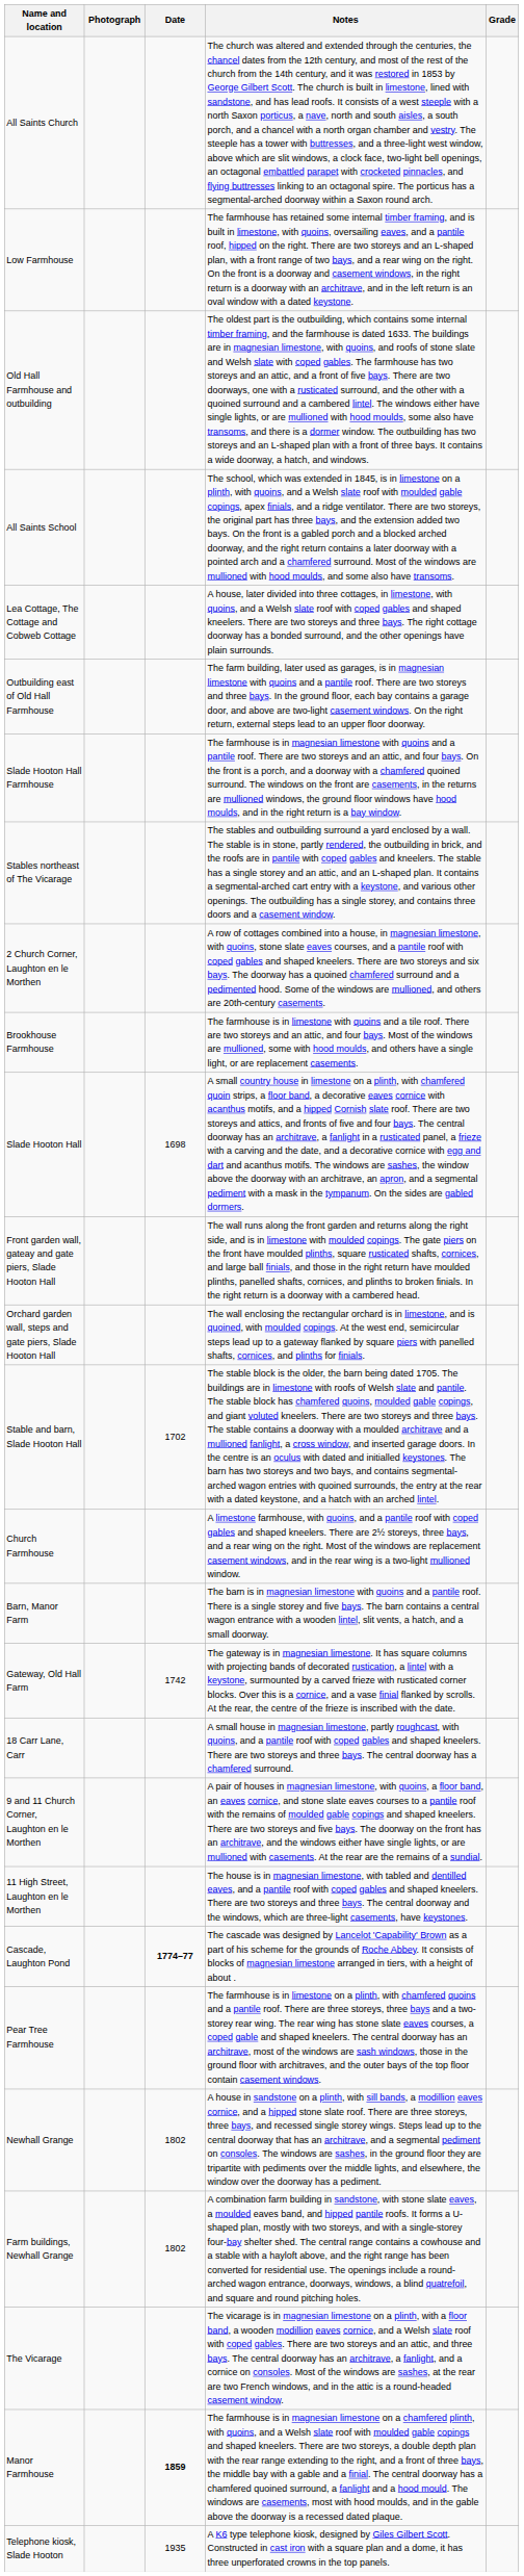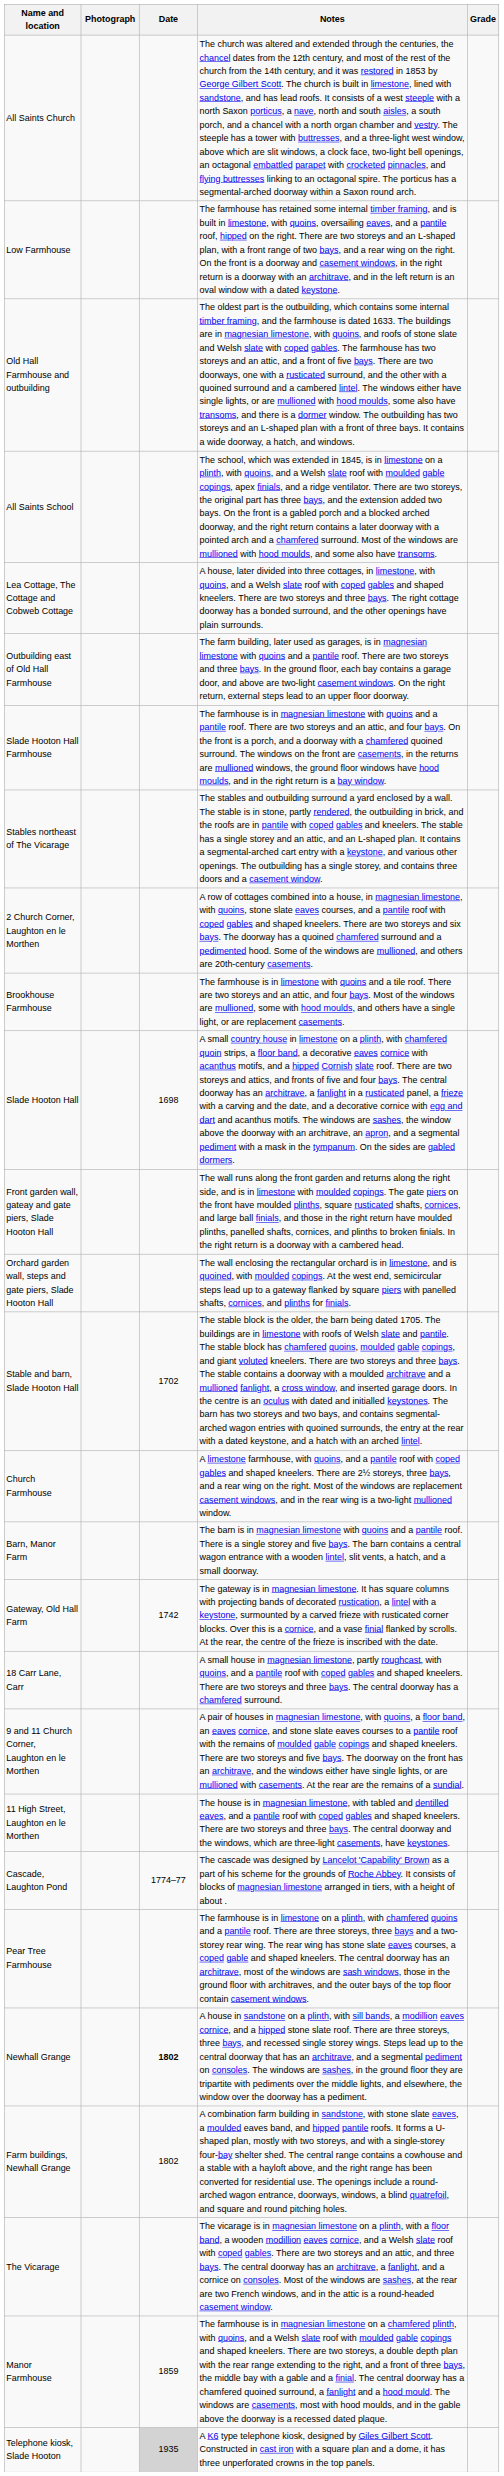 <table class="wikitable sortable plainrowheaders" style="width:100%; border:0; text-align:left; line-height:150%;">
 <tr>
 <th scope="col"  style="width:150px">Name and location</th>
 <th scope="col"  style="width:100px" class="unsortable">Photograph</th>
 <th scope="col"  style="width:120px">Date</th>
 <th scope="col"  style="width:650px" class="unsortable">Notes</th>
 <th scope="col"  style="width:50px">Grade</th>
 </tr>
 <tr>
 <td>All Saints Church<br><small></small></td>
 <td></td>
 <td align="center"></td>
 <td>The church was altered and extended through the centuries, the <a href='#'>chancel</a> dates from the 12th century, and most of the rest of the church from the 14th century, and it was <a href='#'>restored</a> in 1853 by <a href='#'>George Gilbert Scott</a>.  The church is built in <a href='#'>limestone</a>, lined with <a href='#'>sandstone</a>, and has lead roofs.  It consists of a west <a href='#'>steeple</a> with a north Saxon <a href='#'>porticus</a>, a <a href='#'>nave</a>, north and south <a href='#'>aisles</a>, a south porch, and a chancel with a north organ chamber and <a href='#'>vestry</a>.  The steeple has a tower with <a href='#'>buttresses</a>, and a three-light west window, above which are slit windows, a clock face, two-light bell openings, an octagonal <a href='#'>embattled</a> <a href='#'>parapet</a> with <a href='#'>crocketed</a> <a href='#'>pinnacles</a>, and <a href='#'>flying buttresses</a> linking to an octagonal spire.  The porticus has a segmental-arched doorway within a Saxon round arch.</td>
 <td align="center" ></td>
 </tr>
 <tr>
 <td>Low Farmhouse<br><small></small></td>
 <td></td>
 <td align="center"></td>
 <td>The farmhouse has retained some internal <a href='#'>timber framing</a>, and is built in <a href='#'>limestone</a>, with <a href='#'>quoins</a>, oversailing <a href='#'>eaves</a>, and a <a href='#'>pantile</a> roof, <a href='#'>hipped</a> on the right.  There are two storeys and an L-shaped plan, with a front range of two <a href='#'>bays</a>, and a rear wing on the right.  On the front is a doorway and <a href='#'>casement windows</a>, in the right return is a doorway with an <a href='#'>architrave</a>, and in the left return is an oval window with a dated <a href='#'>keystone</a>.</td>
 <td align="center" ></td>
 </tr>
 <tr>
 <td>Old Hall Farmhouse and outbuilding<br><small></small></td>
 <td></td>
 <td align="center"></td>
 <td>The oldest part is the outbuilding, which contains some internal <a href='#'>timber framing</a>, and the farmhouse is dated 1633.  The buildings are in <a href='#'>magnesian limestone</a>, with <a href='#'>quoins</a>, and roofs of stone slate and Welsh <a href='#'>slate</a> with <a href='#'>coped</a> <a href='#'>gables</a>.  The farmhouse has two storeys and an attic, and a front of five <a href='#'>bays</a>.  There are two doorways, one with a <a href='#'>rusticated</a> surround, and the other with a quoined surround and a cambered <a href='#'>lintel</a>.  The windows either have single lights, or are <a href='#'>mullioned</a> with <a href='#'>hood moulds</a>, some also have <a href='#'>transoms</a>, and there is a <a href='#'>dormer</a> window.  The outbuilding has two storeys and an L-shaped plan with a front of three bays.  It contains a wide doorway, a hatch, and windows.</td>
 <td align="center" ></td>
 </tr>
 <tr>
 <td>All Saints School<br><small></small></td>
 <td></td>
 <td align="center"></td>
 <td>The school, which was extended in 1845, is in <a href='#'>limestone</a> on a <a href='#'>plinth</a>, with <a href='#'>quoins</a>, and a Welsh <a href='#'>slate</a> roof with <a href='#'>moulded</a> <a href='#'>gable</a> <a href='#'>copings</a>, apex <a href='#'>finials</a>, and a ridge ventilator.  There are two storeys, the original part has three <a href='#'>bays</a>, and the extension added two bays.  On the front is a gabled porch and a blocked arched doorway, and the right return contains a later doorway with a pointed arch and a <a href='#'>chamfered</a> surround.  Most of the windows are <a href='#'>mullioned</a> with <a href='#'>hood moulds</a>, and some also have <a href='#'>transoms</a>.</td>
 <td align="center" ></td>
 </tr>
 <tr>
 <td>Lea Cottage, The Cottage and Cobweb Cottage<br><small></small></td>
 <td></td>
 <td align="center"></td>
 <td>A house, later divided into three cottages, in <a href='#'>limestone</a>, with <a href='#'>quoins</a>, and a Welsh <a href='#'>slate</a> roof with <a href='#'>coped</a> <a href='#'>gables</a> and shaped kneelers.  There are two storeys and three <a href='#'>bays</a>.  The right cottage doorway has a bonded surround, and the other openings have plain surrounds.</td>
 <td align="center" ></td>
 </tr>
 <tr>
 <td>Outbuilding east of Old Hall Farmhouse<br><small></small></td>
 <td></td>
 <td align="center"></td>
 <td>The farm building, later used as garages, is in <a href='#'>magnesian limestone</a> with <a href='#'>quoins</a> and a <a href='#'>pantile</a> roof.  There are two storeys and three <a href='#'>bays</a>.  In the ground floor, each bay contains a garage door, and above are two-light <a href='#'>casement windows</a>.  On the right return, external steps lead to an upper floor doorway.</td>
 <td align="center" ></td>
 </tr>
 <tr>
 <td>Slade Hooton Hall Farmhouse<br><small></small></td>
 <td></td>
 <td align="center"></td>
 <td>The farmhouse is in <a href='#'>magnesian limestone</a> with <a href='#'>quoins</a> and a <a href='#'>pantile</a> roof.  There are two storeys and an attic, and four <a href='#'>bays</a>.  On the front is a porch, and a doorway with a <a href='#'>chamfered</a> quoined surround.  The windows on the front are <a href='#'>casements</a>, in the returns are <a href='#'>mullioned</a> windows, the ground floor windows have <a href='#'>hood moulds</a>, and in the right return is a <a href='#'>bay window</a>.</td>
 <td align="center" ></td>
 </tr>
 <tr>
 <td>Stables northeast of The Vicarage<br><small></small></td>
 <td></td>
 <td align="center"></td>
 <td>The stables and outbuilding surround a yard enclosed by a wall.  The stable is in stone, partly <a href='#'>rendered</a>, the outbuilding in brick, and the roofs are in <a href='#'>pantile</a> with <a href='#'>coped</a> <a href='#'>gables</a> and kneelers.  The stable has a single storey and an attic, and an L-shaped plan.  It contains a segmental-arched cart entry with a <a href='#'>keystone</a>, and various other openings.  The outbuilding has a single storey, and contains three doors and a <a href='#'>casement window</a>.</td>
 <td align="center" ></td>
 </tr>
 <tr>
 <td>2 Church Corner,<br>Laughton en le Morthen<br><small></small></td>
 <td></td>
 <td align="center"></td>
 <td>A row of cottages combined into a house, in <a href='#'>magnesian limestone</a>, with <a href='#'>quoins</a>, stone slate <a href='#'>eaves</a> courses, and a <a href='#'>pantile</a> roof with <a href='#'>coped</a> <a href='#'>gables</a> and shaped kneelers.  There are two storeys and six <a href='#'>bays</a>.  The doorway has a quoined <a href='#'>chamfered</a> surround and a <a href='#'>pedimented</a> hood.  Some of the windows are <a href='#'>mullioned</a>, and others are 20th-century <a href='#'>casements</a>.</td>
 <td align="center" ></td>
 </tr>
 <tr>
 <td>Brookhouse Farmhouse<br><small></small></td>
 <td></td>
 <td align="center"></td>
 <td>The farmhouse is in <a href='#'>limestone</a> with <a href='#'>quoins</a> and a tile roof.  There are two storeys and an attic, and four <a href='#'>bays</a>.  Most of the windows are <a href='#'>mullioned</a>, some with <a href='#'>hood moulds</a>, and others have a single light, or are replacement <a href='#'>casements</a>.</td>
 <td align="center" ></td>
 </tr>
 <tr>
 <td>Slade Hooton Hall<br><small></small></td>
 <td></td>
 <td align="center">1698</td>
 <td>A small <a href='#'>country house</a> in <a href='#'>limestone</a> on a <a href='#'>plinth</a>, with <a href='#'>chamfered</a> <a href='#'>quoin</a> strips, a <a href='#'>floor band</a>, a decorative <a href='#'>eaves</a> <a href='#'>cornice</a> with <a href='#'>acanthus</a> motifs, and a <a href='#'>hipped</a> <a href='#'>Cornish</a> <a href='#'>slate</a> roof.  There are two storeys and attics, and fronts of five and four <a href='#'>bays</a>.  The central doorway has an <a href='#'>architrave</a>, a <a href='#'>fanlight</a> in a <a href='#'>rusticated</a> panel, a <a href='#'>frieze</a> with a carving and the date, and a decorative cornice with <a href='#'>egg and dart</a> and acanthus motifs.  The windows are <a href='#'>sashes</a>, the window above the doorway with an architrave, an <a href='#'>apron</a>, and a segmental <a href='#'>pediment</a> with a mask in the <a href='#'>tympanum</a>.  On the sides are <a href='#'>gabled</a> <a href='#'>dormers</a>.</td>
 <td align="center" ></td>
 </tr>
 <tr>
 <td>Front garden wall, gateay and gate piers, Slade Hooton Hall<br><small></small></td>
 <td></td>
 <td align="center"></td>
 <td>The wall runs along the front garden and returns along the right side, and is in <a href='#'>limestone</a> with <a href='#'>moulded</a> <a href='#'>copings</a>. The gate <a href='#'>piers</a> on the front have moulded <a href='#'>plinths</a>, square <a href='#'>rusticated</a> shafts, <a href='#'>cornices</a>, and large ball <a href='#'>finials</a>, and those in the right return have moulded plinths, panelled shafts, cornices, and plinths to broken finials.  In the right return is a doorway with a cambered head.</td>
 <td align="center" ></td>
 </tr>
 <tr>
 <td>Orchard garden wall, steps and gate piers, Slade Hooton Hall<br><small></small></td>
 <td></td>
 <td align="center"></td>
 <td>The wall enclosing the rectangular orchard is in <a href='#'>limestone</a>, and is <a href='#'>quoined</a>, with <a href='#'>moulded</a> <a href='#'>copings</a>.  At the west end, semicircular steps lead up to a gateway flanked by square <a href='#'>piers</a> with panelled shafts, <a href='#'>cornices</a>, and <a href='#'>plinths</a> for <a href='#'>finials</a>.</td>
 <td align="center" ></td>
 </tr>
 <tr>
 <td>Stable and barn, Slade Hooton Hall<br><small></small></td>
 <td></td>
 <td align="center">1702</td>
 <td>The stable block is the older, the barn being dated 1705.  The buildings are in <a href='#'>limestone</a> with roofs of Welsh <a href='#'>slate</a> and <a href='#'>pantile</a>.  The stable block has <a href='#'>chamfered</a> <a href='#'>quoins</a>, <a href='#'>moulded</a> <a href='#'>gable</a> <a href='#'>copings</a>, and giant <a href='#'>voluted</a> kneelers.  There are two storeys and three <a href='#'>bays</a>.  The stable contains a doorway with a moulded <a href='#'>architrave</a> and a <a href='#'>mullioned</a> <a href='#'>fanlight</a>, a <a href='#'>cross window</a>, and inserted garage doors.  In the centre is an <a href='#'>oculus</a> with dated and initialled <a href='#'>keystones</a>.  The barn has two storeys and two bays, and contains segmental-arched wagon entries with quoined surrounds, the entry at the rear with a dated keystone, and a hatch with an arched <a href='#'>lintel</a>.</td>
 <td align="center" ></td>
 </tr>
 <tr>
 <td>Church Farmhouse<br><small></small></td>
 <td></td>
 <td align="center"></td>
 <td>A <a href='#'>limestone</a> farmhouse, with <a href='#'>quoins</a>, and a <a href='#'>pantile</a> roof with <a href='#'>coped</a> <a href='#'>gables</a> and shaped kneelers.  There are 2½ storeys, three <a href='#'>bays</a>, and a rear wing on the right.  Most of the windows are replacement <a href='#'>casement windows</a>, and in the rear wing is a two-light <a href='#'>mullioned</a> window.</td>
 <td align="center" ></td>
 </tr>
 <tr>
 <td>Barn, Manor Farm<br><small></small></td>
 <td></td>
 <td align="center"></td>
 <td>The barn is in <a href='#'>magnesian limestone</a> with <a href='#'>quoins</a> and a <a href='#'>pantile</a> roof.  There is a single storey and five <a href='#'>bays</a>.  The barn contains a central wagon entrance with a wooden <a href='#'>lintel</a>, slit vents, a hatch, and a small doorway.</td>
 <td align="center" ></td>
 </tr>
 <tr>
 <td>Gateway, Old Hall Farm<br><small></small></td>
 <td></td>
 <td align="center">1742</td>
 <td>The gateway is in <a href='#'>magnesian limestone</a>.  It has square columns with projecting bands of decorated <a href='#'>rustication</a>, a <a href='#'>lintel</a> with a <a href='#'>keystone</a>, surmounted by a carved frieze with rusticated corner blocks.  Over this is a <a href='#'>cornice</a>, and a vase <a href='#'>finial</a> flanked by scrolls.  At the rear, the centre of the frieze is inscribed with the date.</td>
 <td align="center" ></td>
 </tr>
 <tr>
 <td>18 Carr Lane, Carr<br><small></small></td>
 <td></td>
 <td align="center"></td>
 <td>A small house in <a href='#'>magnesian limestone</a>, partly <a href='#'>roughcast</a>, with <a href='#'>quoins</a>, and a <a href='#'>pantile</a> roof with <a href='#'>coped</a> <a href='#'>gables</a> and shaped kneelers.  There are two storeys and three <a href='#'>bays</a>.  The central doorway has a <a href='#'>chamfered</a> surround.</td>
 <td align="center" ></td>
 </tr>
 <tr>
 <td>9 and 11 Church Corner,<br>Laughton en le Morthen<br><small></small></td>
 <td></td>
 <td align="center"></td>
 <td>A pair of houses in <a href='#'>magnesian limestone</a>, with <a href='#'>quoins</a>, a <a href='#'>floor band</a>, an <a href='#'>eaves</a> <a href='#'>cornice</a>, and stone slate eaves courses to a <a href='#'>pantile</a> roof with the remains of <a href='#'>moulded</a> <a href='#'>gable</a> <a href='#'>copings</a> and shaped kneelers.  There are two storeys and five <a href='#'>bays</a>.  The doorway on the front has an <a href='#'>architrave</a>, and the windows either have single lights, or are <a href='#'>mullioned</a> with <a href='#'>casements</a>.  At the rear are the remains of a <a href='#'>sundial</a>.</td>
 <td align="center" ></td>
 </tr>
 <tr>
 <td>11 High Street,<br>Laughton en le Morthen<br><small></small></td>
 <td></td>
 <td align="center"></td>
 <td>The house is in <a href='#'>magnesian limestone</a>, with tabled and <a href='#'>dentilled</a> <a href='#'>eaves</a>, and a <a href='#'>pantile</a> roof with <a href='#'>coped</a> <a href='#'>gables</a> and shaped kneelers.  There are two storeys and three <a href='#'>bays</a>.  The central doorway and the windows, which are three-light <a href='#'>casements</a>, have <a href='#'>keystones</a>.</td>
 <td align="center" ></td>
 </tr>
 <tr>
 <td>Cascade, Laughton Pond<br><small></small></td>
 <td></td>
-<td align="center"><strong>1774–77</strong></td>
+<td align="center">1774–77</td>
 <td>The cascade was designed by <a href='#'>Lancelot 'Capability' Brown</a> as a part of his scheme for the grounds of <a href='#'>Roche Abbey</a>.  It consists of blocks of <a href='#'>magnesian limestone</a> arranged in tiers, with a height of about .</td>
 <td align="center" ></td>
 </tr>
 <tr>
 <td>Pear Tree Farmhouse<br><small></small></td>
 <td></td>
 <td align="center"></td>
 <td>The farmhouse is in <a href='#'>limestone</a> on a <a href='#'>plinth</a>, with <a href='#'>chamfered</a> <a href='#'>quoins</a> and a <a href='#'>pantile</a> roof.  There are three storeys, three <a href='#'>bays</a> and a two-storey rear wing.  The rear wing has stone slate <a href='#'>eaves</a> courses, a <a href='#'>coped</a> <a href='#'>gable</a> and shaped kneelers.  The central doorway has an <a href='#'>architrave</a>, most of the windows are <a href='#'>sash windows</a>, those in the ground floor with architraves, and the outer bays of the top floor contain <a href='#'>casement windows</a>.</td>
 <td align="center" ></td>
 </tr>
 <tr>
 <td>Newhall Grange<br><small></small></td>
 <td></td>
-<td align="center">1802</td>
+<td align="center"><strong>1802</strong></td>
 <td>A house in <a href='#'>sandstone</a> on a <a href='#'>plinth</a>, with <a href='#'>sill bands</a>, a <a href='#'>modillion</a> <a href='#'>eaves</a> <a href='#'>cornice</a>, and a <a href='#'>hipped</a> stone slate roof.  There are three storeys, three <a href='#'>bays</a>, and recessed single storey wings.  Steps lead up to the central doorway that has an <a href='#'>architrave</a>, and a segmental <a href='#'>pediment</a> on <a href='#'>consoles</a>.  The windows are <a href='#'>sashes</a>, in the ground floor they are tripartite with pediments over the middle lights, and elsewhere, the window over the doorway has a pediment.</td>
 <td align="center" ></td>
 </tr>
 <tr>
 <td>Farm buildings, Newhall Grange<br><small></small></td>
 <td></td>
 <td align="center">1802</td>
 <td>A combination farm building in <a href='#'>sandstone</a>, with stone slate <a href='#'>eaves</a>, a <a href='#'>moulded</a> eaves band, and <a href='#'>hipped</a> <a href='#'>pantile</a> roofs.  It forms a U-shaped plan, mostly with two storeys, and with a single-storey four-<a href='#'>bay</a> shelter shed.  The central range contains a cowhouse and a stable with a hayloft above, and the right range has been converted for residential use.  The openings include a round-arched wagon entrance, doorways, windows, a blind <a href='#'>quatrefoil</a>, and square and round pitching holes.</td>
 <td align="center" ></td>
 </tr>
 <tr>
 <td>The Vicarage<br><small></small></td>
 <td></td>
 <td align="center"></td>
 <td>The vicarage is in <a href='#'>magnesian limestone</a> on a <a href='#'>plinth</a>, with a <a href='#'>floor band</a>, a wooden <a href='#'>modillion</a> <a href='#'>eaves</a> <a href='#'>cornice</a>, and a Welsh <a href='#'>slate</a> roof with <a href='#'>coped</a> <a href='#'>gables</a>.  There are two storeys and an attic, and three <a href='#'>bays</a>.  The central doorway has an <a href='#'>architrave</a>, a <a href='#'>fanlight</a>, and a cornice on <a href='#'>consoles</a>.  Most of the windows are <a href='#'>sashes</a>, at the rear are two French windows, and in the attic is a round-headed <a href='#'>casement window</a>.</td>
 <td align="center" ></td>
 </tr>
 <tr>
 <td>Manor Farmhouse<br><small></small></td>
 <td></td>
-<td align="center"><strong>1859</strong></td>
+<td align="center">1859</td>
 <td>The farmhouse is in <a href='#'>magnesian limestone</a> on a <a href='#'>chamfered</a> <a href='#'>plinth</a>, with <a href='#'>quoins</a>, and a Welsh <a href='#'>slate</a> roof with <a href='#'>moulded</a> <a href='#'>gable</a> <a href='#'>copings</a> and shaped kneelers.  There are two storeys, a double depth plan with the rear range extending to the right, and a front of three <a href='#'>bays</a>, the middle bay with a gable and a <a href='#'>finial</a>.  The central doorway has a chamfered quoined surround, a <a href='#'>fanlight</a> and a <a href='#'>hood mould</a>.  The windows are <a href='#'>casements</a>, most with hood moulds, and in the gable above the doorway is a recessed dated plaque.</td>
 <td align="center" ></td>
 </tr>
 <tr>
 <td>Telephone kiosk, Slade Hooton<br><small></small></td>
 <td></td>
-<td align="center">1935</td>
+<td align="center" style="background: lightgrey;">1935</td>
 <td>A <a href='#'>K6</a> type telephone kiosk, designed by <a href='#'>Giles Gilbert Scott</a>.  Constructed in <a href='#'>cast iron</a> with a square plan and a dome, it has three unperforated crowns in the top panels.</td>
 <td align="center" ></td>
 </tr>
 <tr>
 </tr>
 </table>
